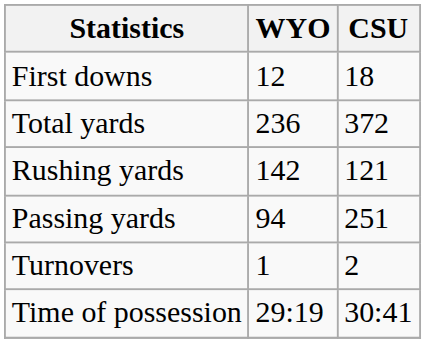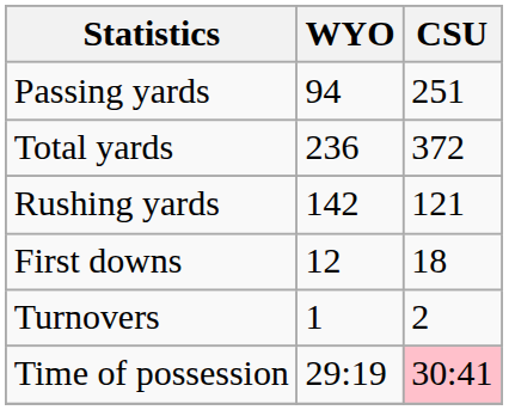 <table class="wikitable">
 <tr>
 <th>Statistics</th>
 <th>WYO</th>
 <th>CSU</th>
 </tr>
 <tr>
-<td>First downs</td>
-<td>12</td>
-<td>18</td>
+<td>Passing yards</td>
+<td>94</td>
+<td>251</td>
 </tr>
 <tr>
 <td>Total yards</td>
 <td>236</td>
 <td>372</td>
 </tr>
 <tr>
 <td>Rushing yards</td>
 <td>142</td>
 <td>121</td>
 </tr>
 <tr>
-<td>Passing yards</td>
-<td>94</td>
-<td>251</td>
+<td>First downs</td>
+<td>12</td>
+<td>18</td>
 </tr>
 <tr>
 <td>Turnovers</td>
 <td>1</td>
 <td>2</td>
 </tr>
 <tr>
 <td>Time of possession</td>
 <td>29:19</td>
-<td>30:41</td>
+<td style="background: pink;">30:41</td>
 </tr>
 <tr>
 </tr>
 </table>
